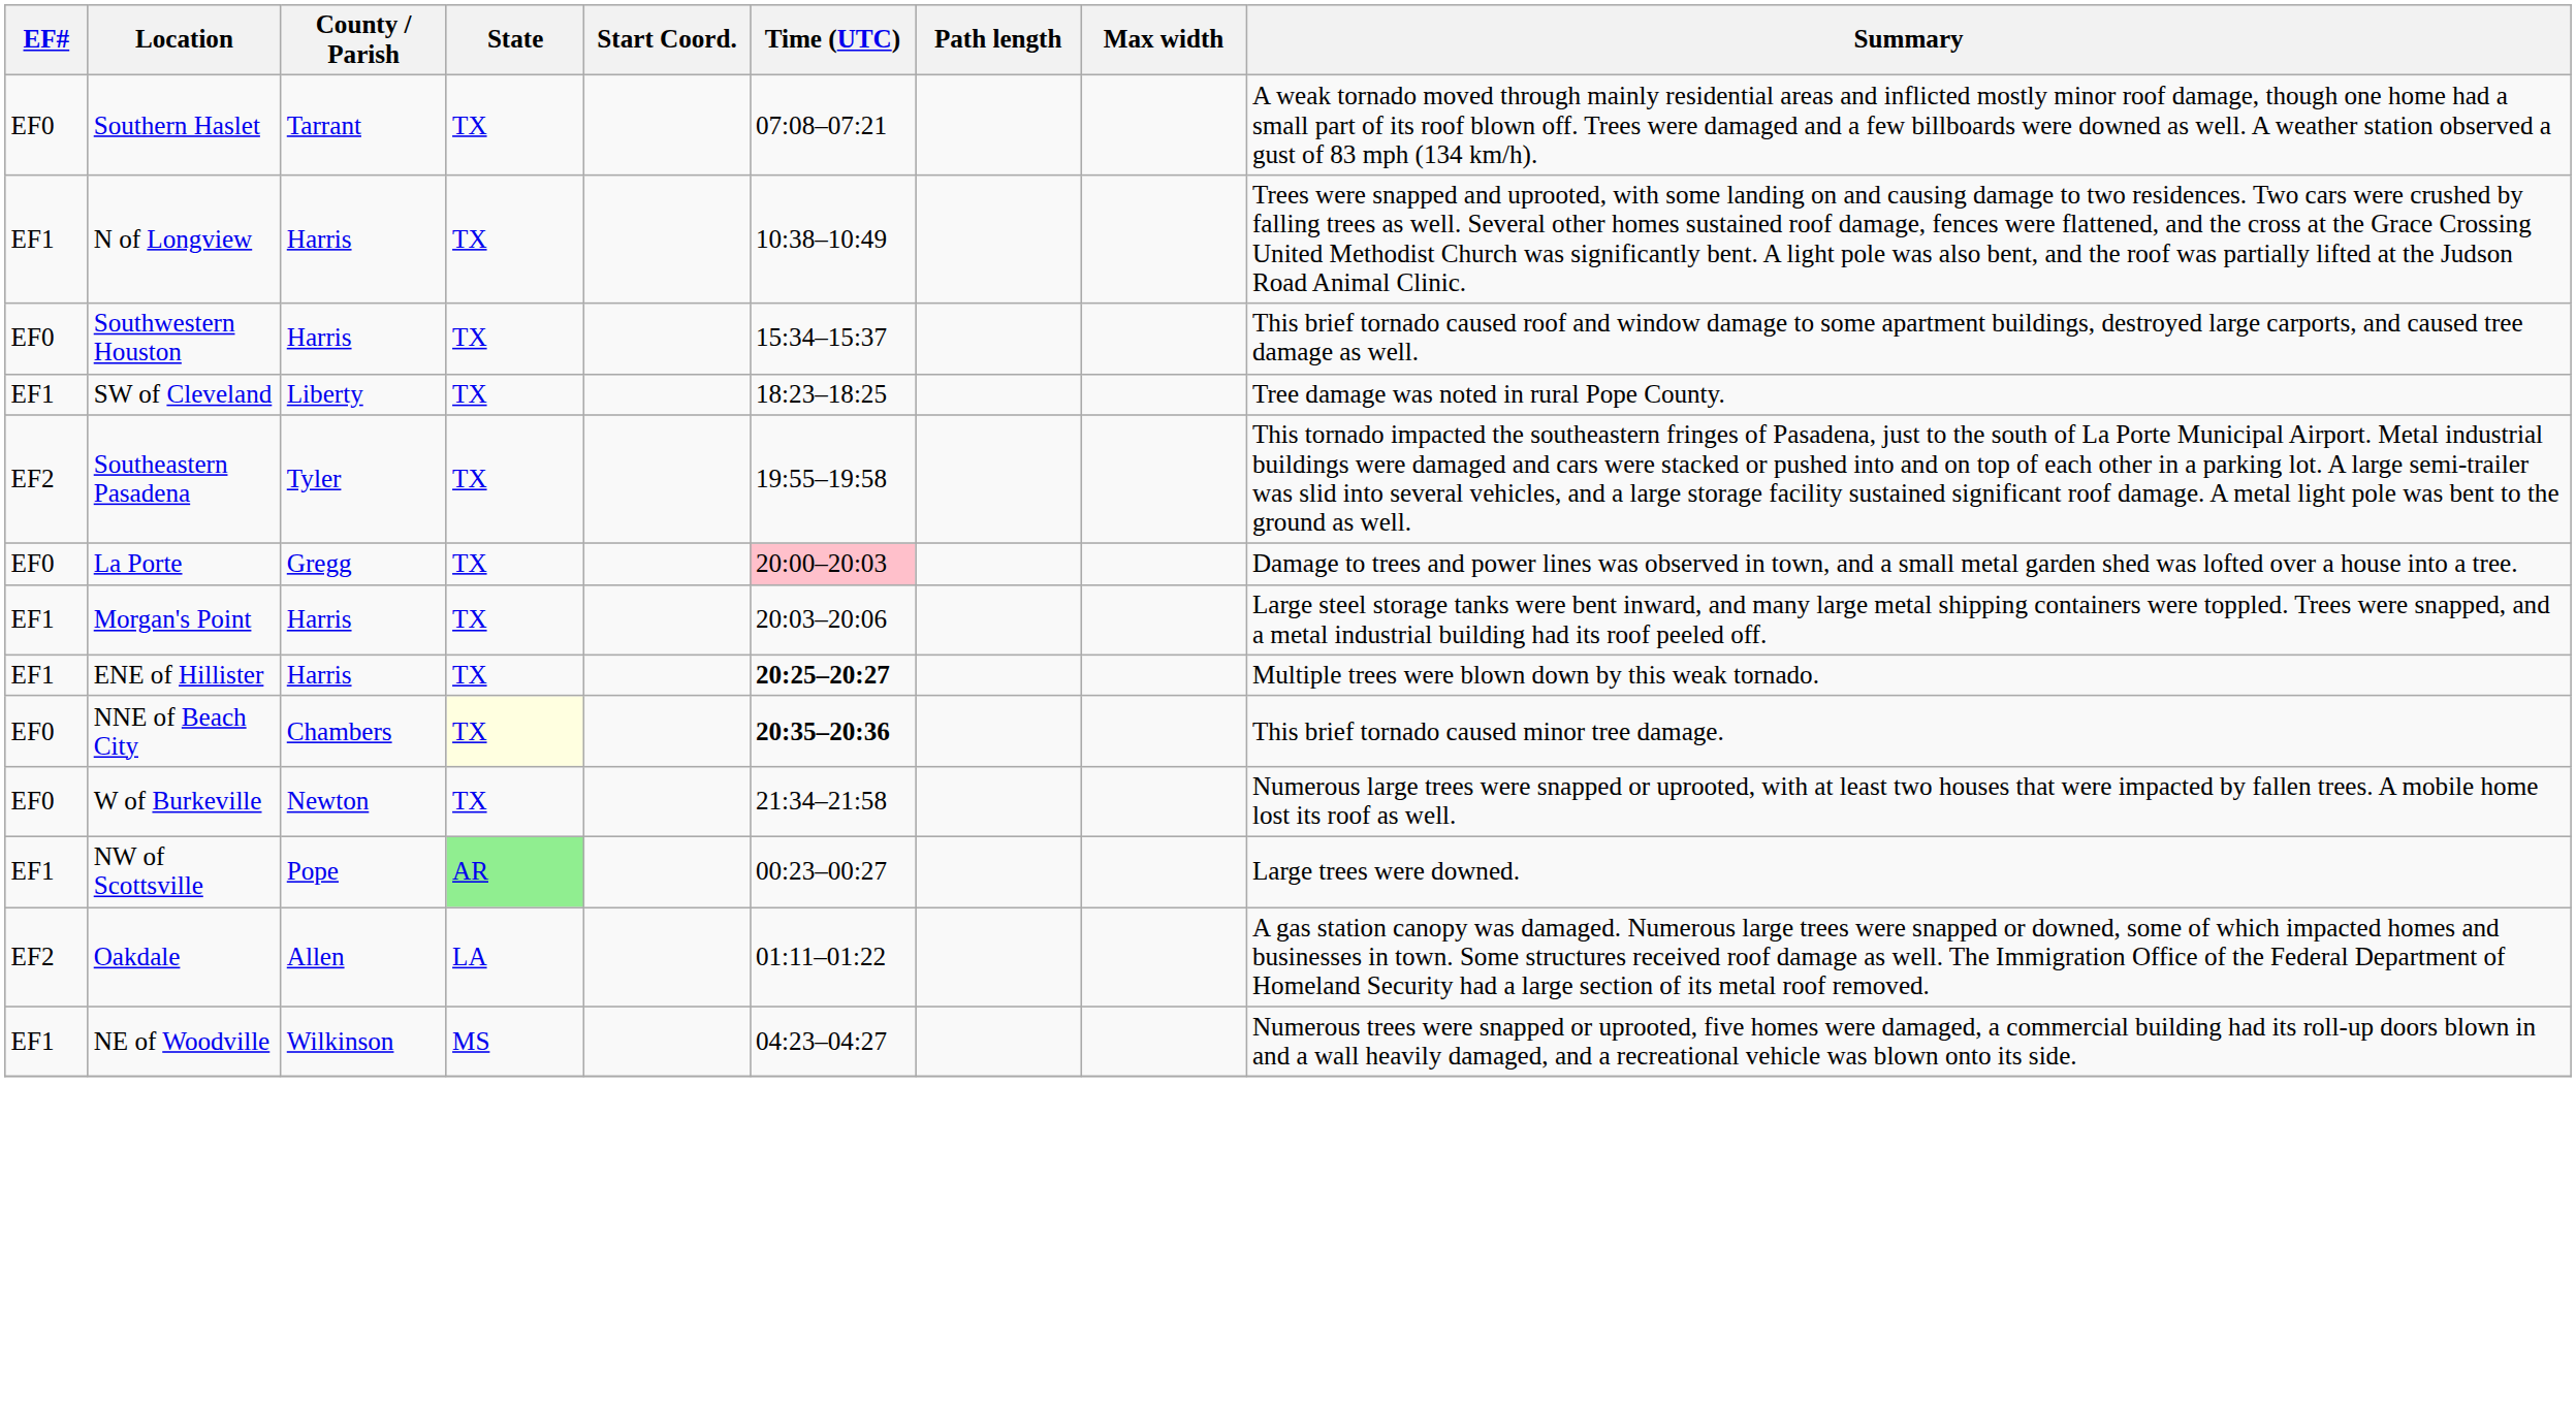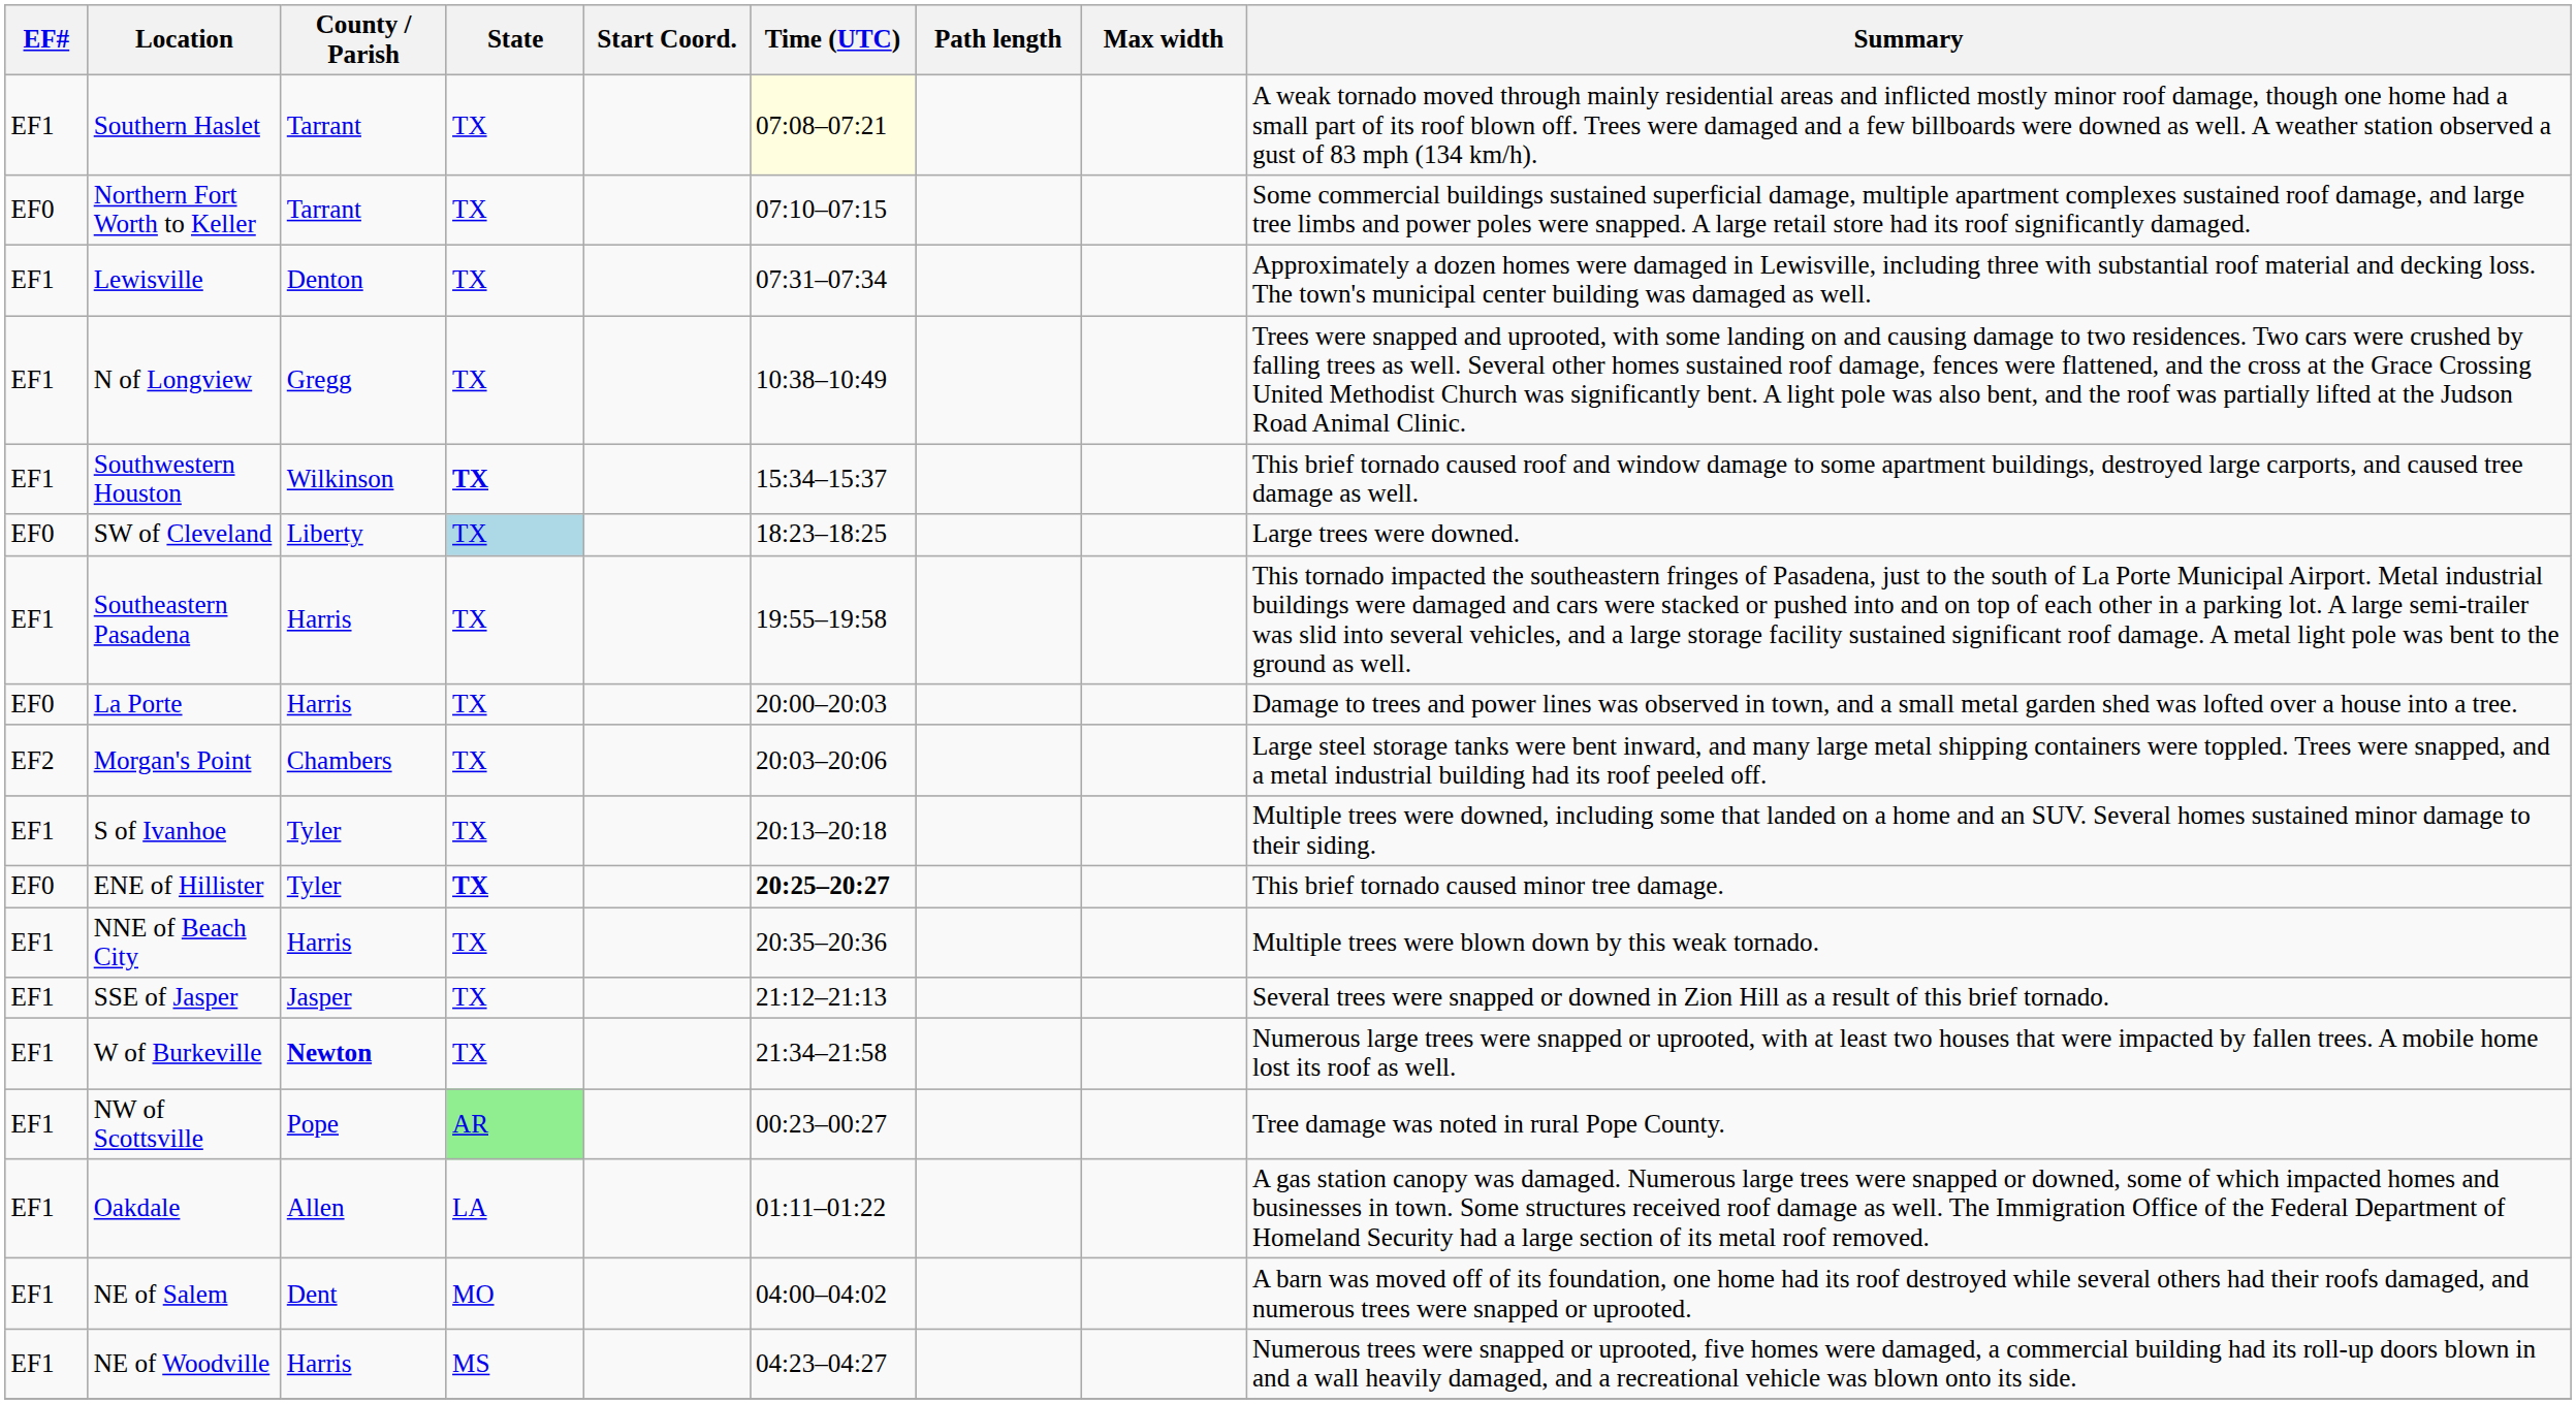 <table class="wikitable sortable" style="width:100%;">
 <tr>
 <th scope="col" style="width:3%; text-align:center;"><a href='#'>EF#</a></th>
 <th scope="col" style="width:7%; text-align:center;" class="unsortable">Location</th>
 <th scope="col" style="width:6%; text-align:center;" class="unsortable">County / Parish</th>
 <th scope="col" style="width:5%; text-align:center;">State</th>
 <th scope="col" style="width:6%; text-align:center;">Start Coord.</th>
 <th scope="col" style="width:6%; text-align:center;">Time (<a href='#'>UTC</a>)</th>
 <th scope="col" style="width:6%; text-align:center;">Path length</th>
 <th scope="col" style="width:6%; text-align:center;">Max width</th>
 <th scope="col" class="unsortable" style="width:48%; text-align:center;">Summary</th>
 </tr>
 <tr>
-<td>EF0</td>
+<td>EF1</td>
 <td><a href='#'>Southern Haslet</a></td>
 <td><a href='#'>Tarrant</a></td>
 <td><a href='#'>TX</a></td>
 <td></td>
-<td>07:08–07:21</td>
+<td style="background: lightyellow;">07:08–07:21</td>
 <td></td>
 <td></td>
 <td>A weak tornado moved through mainly residential areas and inflicted mostly minor roof damage, though one home had a small part of its roof blown off. Trees were damaged and a few billboards were downed as well. A weather station observed a gust of 83 mph (134 km/h).</td>
 </tr>
 <tr>
+<td>EF0</td>
+<td><a href='#'>Northern Fort Worth</a> to <a href='#'>Keller</a></td>
+<td><a href='#'>Tarrant</a></td>
+<td><a href='#'>TX</a></td>
+<td></td>
+<td>07:10–07:15</td>
+<td></td>
+<td></td>
+<td>Some commercial buildings sustained superficial damage, multiple apartment complexes sustained roof damage, and large tree limbs and power poles were snapped. A large retail store had its roof significantly damaged.</td>
+</tr>
+<tr>
+<td>EF1</td>
+<td><a href='#'>Lewisville</a></td>
+<td><a href='#'>Denton</a></td>
+<td><a href='#'>TX</a></td>
+<td></td>
+<td>07:31–07:34</td>
+<td></td>
+<td></td>
+<td>Approximately a dozen homes were damaged in Lewisville, including three with substantial roof material and decking loss. The town's municipal center building was damaged as well.</td>
+</tr>
+<tr>
 <td>EF1</td>
 <td>N of <a href='#'>Longview</a></td>
-<td><a href='#'>Harris</a></td>
+<td><a href='#'>Gregg</a></td>
 <td><a href='#'>TX</a></td>
 <td></td>
 <td>10:38–10:49</td>
 <td></td>
 <td></td>
 <td>Trees were snapped and uprooted, with some landing on and causing damage to two residences. Two cars were crushed by falling trees as well. Several other homes sustained roof damage, fences were flattened, and the cross at the Grace Crossing United Methodist Church was significantly bent. A light pole was also bent, and the roof was partially lifted at the Judson Road Animal Clinic.</td>
 </tr>
 <tr>
-<td>EF0</td>
+<td>EF1</td>
 <td><a href='#'>Southwestern Houston</a></td>
-<td><a href='#'>Harris</a></td>
-<td><a href='#'>TX</a></td>
+<td><a href='#'>Wilkinson</a></td>
+<td><strong><a href='#'>TX</a></strong></td>
 <td></td>
 <td>15:34–15:37</td>
 <td></td>
 <td></td>
 <td>This brief tornado caused roof and window damage to some apartment buildings, destroyed large carports, and caused tree damage as well.</td>
 </tr>
 <tr>
-<td>EF1</td>
+<td>EF0</td>
 <td>SW of <a href='#'>Cleveland</a></td>
 <td><a href='#'>Liberty</a></td>
-<td><a href='#'>TX</a></td>
+<td style="background: lightblue;"><a href='#'>TX</a></td>
 <td></td>
 <td>18:23–18:25</td>
 <td></td>
 <td></td>
-<td>Tree damage was noted in rural Pope County.</td>
+<td>Large trees were downed.</td>
 </tr>
 <tr>
-<td>EF2</td>
+<td>EF1</td>
 <td><a href='#'>Southeastern Pasadena</a></td>
-<td><a href='#'>Tyler</a></td>
+<td><a href='#'>Harris</a></td>
 <td><a href='#'>TX</a></td>
 <td></td>
 <td>19:55–19:58</td>
 <td></td>
 <td></td>
 <td>This tornado impacted the southeastern fringes of Pasadena, just to the south of La Porte Municipal Airport. Metal industrial buildings were damaged and cars were stacked or pushed into and on top of each other in a parking lot. A large semi-trailer was slid into several vehicles, and a large storage facility sustained significant roof damage. A metal light pole was bent to the ground as well.</td>
 </tr>
 <tr>
 <td>EF0</td>
 <td><a href='#'>La Porte</a></td>
-<td><a href='#'>Gregg</a></td>
+<td><a href='#'>Harris</a></td>
 <td><a href='#'>TX</a></td>
 <td></td>
-<td style="background: pink;">20:00–20:03</td>
+<td>20:00–20:03</td>
 <td></td>
 <td></td>
 <td>Damage to trees and power lines was observed in town, and a small metal garden shed was lofted over a house into a tree.</td>
 </tr>
 <tr>
-<td>EF1</td>
+<td>EF2</td>
 <td><a href='#'>Morgan's Point</a></td>
-<td><a href='#'>Harris</a></td>
+<td><a href='#'>Chambers</a></td>
 <td><a href='#'>TX</a></td>
 <td></td>
 <td>20:03–20:06</td>
 <td></td>
 <td></td>
 <td>Large steel storage tanks were bent inward, and many large metal shipping containers were toppled. Trees were snapped, and a metal industrial building had its roof peeled off.</td>
 </tr>
 <tr>
 <td>EF1</td>
+<td>S of <a href='#'>Ivanhoe</a></td>
+<td><a href='#'>Tyler</a></td>
+<td><a href='#'>TX</a></td>
+<td></td>
+<td>20:13–20:18</td>
+<td></td>
+<td></td>
+<td>Multiple trees were downed, including some that landed on a home and an SUV. Several homes sustained minor damage to their siding.</td>
+</tr>
+<tr>
+<td>EF0</td>
 <td>ENE of <a href='#'>Hillister</a></td>
+<td><a href='#'>Tyler</a></td>
+<td><strong><a href='#'>TX</a></strong></td>
+<td></td>
+<td><strong>20:25–20:27</strong></td>
+<td></td>
+<td></td>
+<td>This brief tornado caused minor tree damage.</td>
+</tr>
+<tr>
+<td>EF1</td>
+<td>NNE of <a href='#'>Beach City</a></td>
 <td><a href='#'>Harris</a></td>
 <td><a href='#'>TX</a></td>
 <td></td>
-<td><strong>20:25–20:27</strong></td>
+<td>20:35–20:36</td>
 <td></td>
 <td></td>
 <td>Multiple trees were blown down by this weak tornado.</td>
 </tr>
 <tr>
-<td>EF0</td>
-<td>NNE of <a href='#'>Beach City</a></td>
-<td><a href='#'>Chambers</a></td>
-<td style="background: lightyellow;"><a href='#'>TX</a></td>
+<td>EF1</td>
+<td>SSE of <a href='#'>Jasper</a></td>
+<td><a href='#'>Jasper</a></td>
+<td><a href='#'>TX</a></td>
 <td></td>
-<td><strong>20:35–20:36</strong></td>
+<td>21:12–21:13</td>
 <td></td>
 <td></td>
-<td>This brief tornado caused minor tree damage.</td>
+<td>Several trees were snapped or downed in Zion Hill as a result of this brief tornado.</td>
 </tr>
 <tr>
-<td>EF0</td>
+<td>EF1</td>
 <td>W of <a href='#'>Burkeville</a></td>
-<td><a href='#'>Newton</a></td>
+<td><strong><a href='#'>Newton</a></strong></td>
 <td><a href='#'>TX</a></td>
 <td></td>
 <td>21:34–21:58</td>
 <td></td>
 <td></td>
 <td>Numerous large trees were snapped or uprooted, with at least two houses that were impacted by fallen trees. A mobile home lost its roof as well.</td>
 </tr>
 <tr>
 <td>EF1</td>
 <td>NW of <a href='#'>Scottsville</a></td>
 <td><a href='#'>Pope</a></td>
 <td style="background: lightgreen;"><a href='#'>AR</a></td>
 <td></td>
 <td>00:23–00:27</td>
 <td></td>
 <td></td>
-<td>Large trees were downed.</td>
+<td>Tree damage was noted in rural Pope County.</td>
 </tr>
 <tr>
-<td>EF2</td>
+<td>EF1</td>
 <td><a href='#'>Oakdale</a></td>
 <td><a href='#'>Allen</a></td>
 <td><a href='#'>LA</a></td>
 <td></td>
 <td>01:11–01:22</td>
 <td></td>
 <td></td>
 <td>A gas station canopy was damaged. Numerous large trees were snapped or downed, some of which impacted homes and businesses in town. Some structures received roof damage as well. The Immigration Office of the Federal Department of Homeland Security had a large section of its metal roof removed.</td>
 </tr>
 <tr>
 <td>EF1</td>
+<td>NE of <a href='#'>Salem</a></td>
+<td><a href='#'>Dent</a></td>
+<td><a href='#'>MO</a></td>
+<td></td>
+<td>04:00–04:02</td>
+<td></td>
+<td></td>
+<td>A barn was moved off of its foundation, one home had its roof destroyed while several others had their roofs damaged, and numerous trees were snapped or uprooted.</td>
+</tr>
+<tr>
+<td>EF1</td>
 <td>NE of <a href='#'>Woodville</a></td>
-<td><a href='#'>Wilkinson</a></td>
+<td><a href='#'>Harris</a></td>
 <td><a href='#'>MS</a></td>
 <td></td>
 <td>04:23–04:27</td>
 <td></td>
 <td></td>
 <td>Numerous trees were snapped or uprooted, five homes were damaged, a commercial building had its roll-up doors blown in and a wall heavily damaged, and a recreational vehicle was blown onto its side.</td>
 </tr>
 <tr>
 </tr>
 </table>
